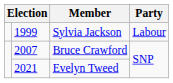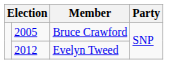 <table class="wikitable">
 <tr>
 <th colspan="2">Election</th>
 <th>Member</th>
 <th>Party</th>
 </tr>
 <tr>
-<td style="background-color: "></td>
-<td><a href='#'>1999</a></td>
-<td><a href='#'>Sylvia Jackson</a></td>
-<td><a href='#'>Labour</a></td>
-</tr>
-<tr>
 <td rowspan=2 style="background-color: "></td>
-<td><a href='#'>2007</a></td>
+<td><a href='#'>2005</a></td>
 <td><a href='#'>Bruce Crawford</a></td>
 <td rowspan=2><a href='#'>SNP</a></td>
 </tr>
 <tr>
-<td><a href='#'>2021</a></td>
+<td><a href='#'>2012</a></td>
 <td><a href='#'>Evelyn Tweed</a></td>
 </tr>
 </table>
